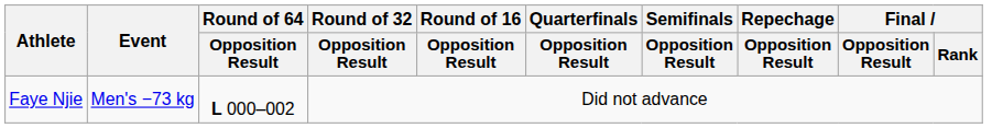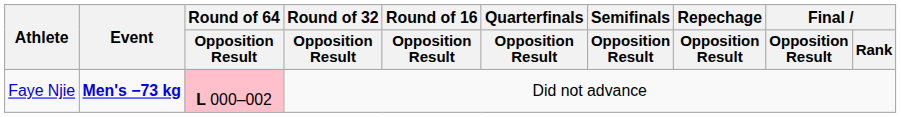 <table class="wikitable" style="font-size:90%">
 <tr>
 <th rowspan=2>Athlete</th>
 <th rowspan=2>Event</th>
 <th>Round of 64</th>
 <th>Round of 32</th>
 <th>Round of 16</th>
 <th>Quarterfinals</th>
 <th>Semifinals</th>
 <th>Repechage</th>
 <th colspan=2>Final / </th>
 </tr>
 <tr style="font-size:95%">
 <th>Opposition<br>Result</th>
 <th>Opposition<br>Result</th>
 <th>Opposition<br>Result</th>
 <th>Opposition<br>Result</th>
 <th>Opposition<br>Result</th>
 <th>Opposition<br>Result</th>
 <th>Opposition<br>Result</th>
 <th>Rank</th>
 </tr>
 <tr align=center>
 <td align="left"><a href='#'>Faye Njie</a></td>
-<td align="left"><a href='#'>Men's −73 kg</a></td>
-<td><br><strong>L</strong> 000–002</td>
+<td align="left"><strong><a href='#'>Men's −73 kg</a></strong></td>
+<td style="background: pink;"><br><strong>L</strong> 000–002</td>
 <td colspan="7">Did not advance</td>
 </tr>
 </table>
